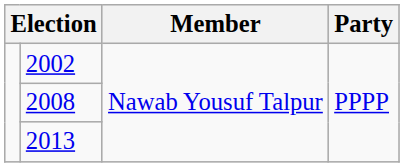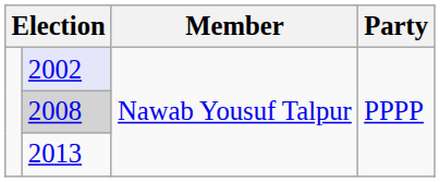 <table class="wikitable">
 <tr>
 <th colspan="2">Election</th>
 <th>Member</th>
 <th>Party</th>
 </tr>
 <tr>
 <td rowspan="3" style="background-color: "></td>
-<td><a href='#'>2002</a></td>
+<td style="background: lavender;"><a href='#'>2002</a></td>
 <td rowspan="3"><a href='#'>Nawab Yousuf Talpur</a></td>
 <td rowspan="3"><a href='#'>PPPP</a></td>
 </tr>
 <tr>
-<td><a href='#'>2008</a></td>
+<td style="background: lightgrey;"><a href='#'>2008</a></td>
 </tr>
 <tr>
 <td><a href='#'>2013</a></td>
 </tr>
 </table>
